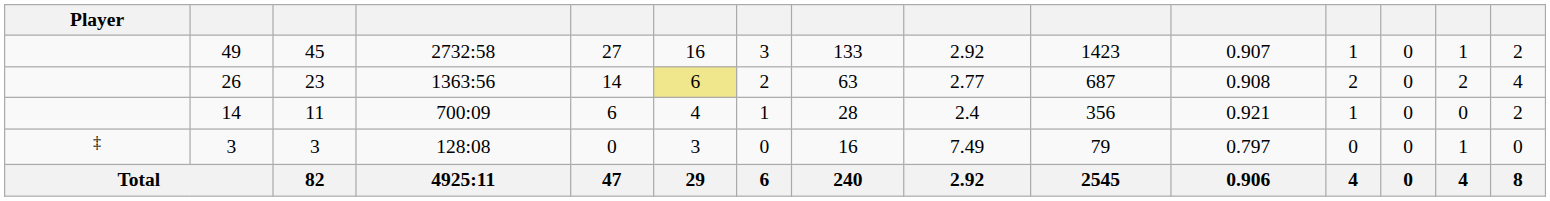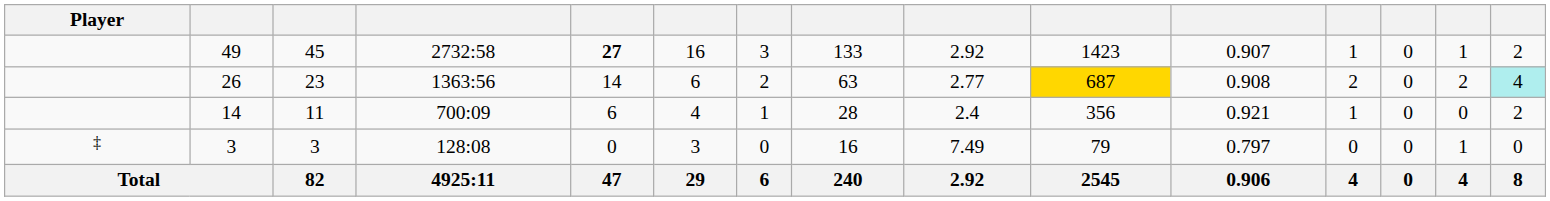 <table class="wikitable sortable" style="width:100%; text-align:center;">
 <tr>
 <th>Player</th>
 <th></th>
 <th></th>
 <th></th>
 <th></th>
 <th></th>
 <th></th>
 <th></th>
 <th></th>
 <th></th>
 <th></th>
 <th></th>
 <th></th>
 <th></th>
 <th></th>
 </tr>
 <tr>
 <td></td>
 <td>49</td>
 <td>45</td>
 <td>2732:58</td>
-<td>27</td>
+<td><strong>27</strong></td>
 <td>16</td>
 <td>3</td>
 <td>133</td>
 <td>2.92</td>
 <td>1423</td>
 <td>0.907</td>
 <td>1</td>
 <td>0</td>
 <td>1</td>
 <td>2</td>
 </tr>
 <tr>
 <td></td>
 <td>26</td>
 <td>23</td>
 <td>1363:56</td>
 <td>14</td>
-<td style="background: khaki;">6</td>
+<td>6</td>
 <td>2</td>
 <td>63</td>
 <td>2.77</td>
-<td>687</td>
+<td style="background: gold;">687</td>
 <td>0.908</td>
 <td>2</td>
 <td>0</td>
 <td>2</td>
-<td>4</td>
+<td style="background: paleturquoise;">4</td>
 </tr>
 <tr>
 <td></td>
 <td>14</td>
 <td>11</td>
 <td>700:09</td>
 <td>6</td>
 <td>4</td>
 <td>1</td>
 <td>28</td>
 <td>2.4</td>
 <td>356</td>
 <td>0.921</td>
 <td>1</td>
 <td>0</td>
 <td>0</td>
 <td>2</td>
 </tr>
 <tr>
 <td><sup>‡</sup></td>
 <td>3</td>
 <td>3</td>
 <td>128:08</td>
 <td>0</td>
 <td>3</td>
 <td>0</td>
 <td>16</td>
 <td>7.49</td>
 <td>79</td>
 <td>0.797</td>
 <td>0</td>
 <td>0</td>
 <td>1</td>
 <td>0</td>
 </tr>
 <tr class="sortbottom">
 <th colspan=2>Total</th>
 <th>82</th>
 <th>4925:11</th>
 <th>47</th>
 <th>29</th>
 <th>6</th>
 <th>240</th>
 <th>2.92</th>
 <th>2545</th>
 <th>0.906</th>
 <th>4</th>
 <th>0</th>
 <th>4</th>
 <th>8</th>
 </tr>
 </table>
